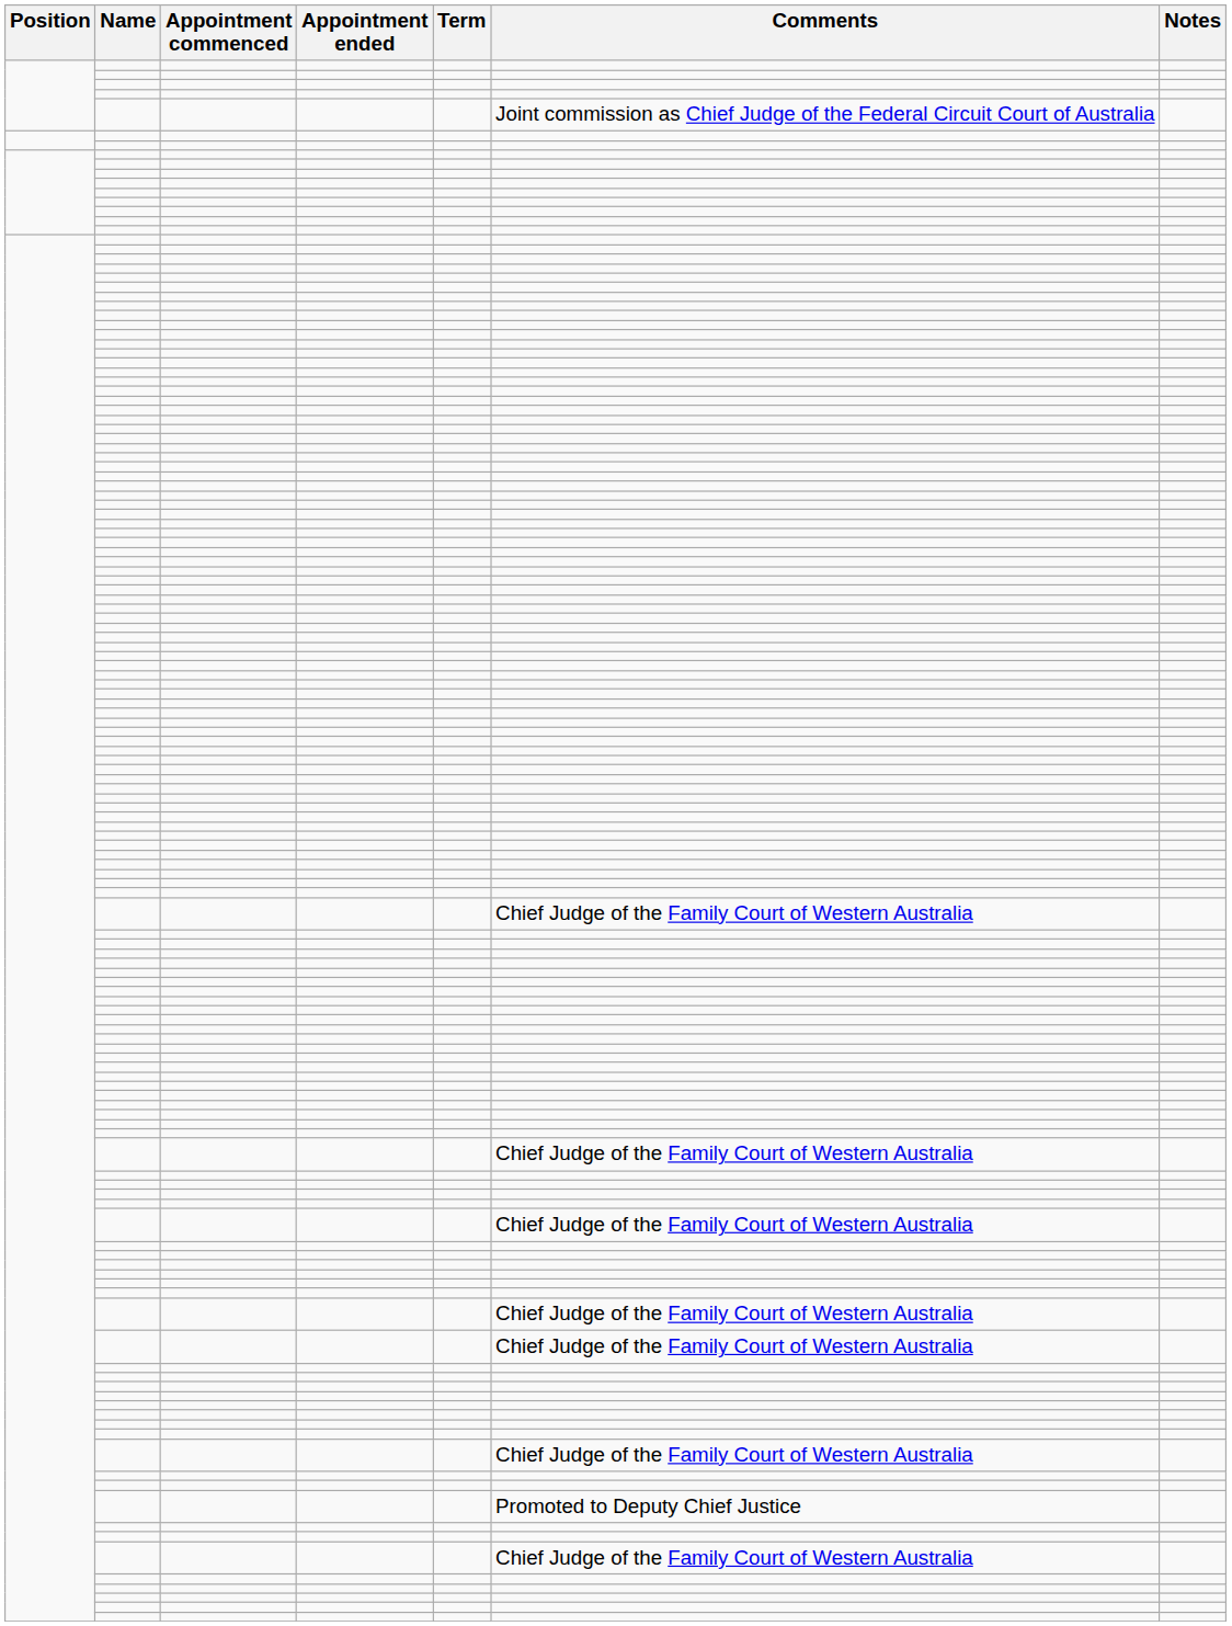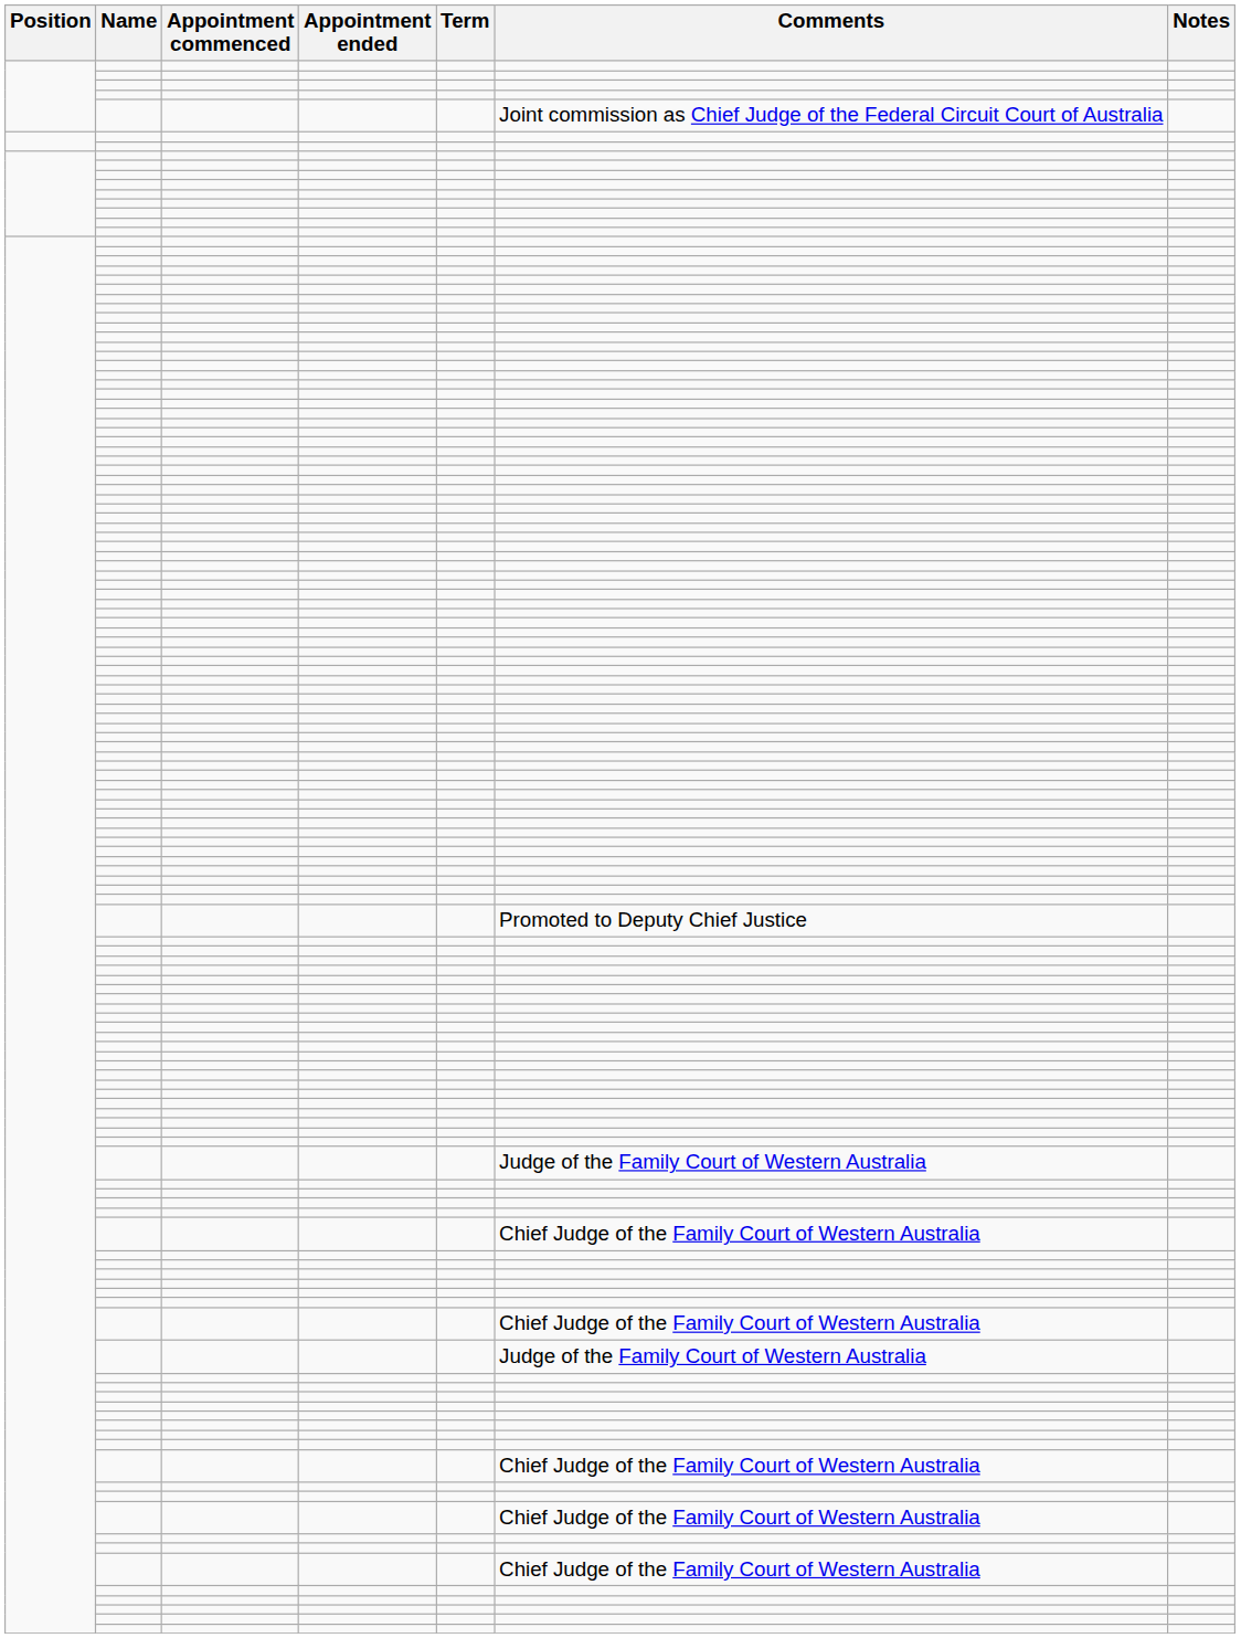 <table class="wikitable sortable" border="1">
 <tr valign="top">
 <th>Position<br></th>
 <th>Name</th>
 <th>Appointment<br>commenced</th>
 <th>Appointment<br>ended</th>
 <th>Term</th>
 <th>Comments</th>
 <th class="unsortable">Notes</th>
 </tr>
 <tr valign="top">
 <td rowspan="5"></td>
 <td></td>
 <td></td>
 <td></td>
 <td align=right></td>
 <td></td>
 <td></td>
 </tr>
 <tr valign="top">
 <td></td>
 <td></td>
 <td></td>
 <td align=right></td>
 <td></td>
 <td></td>
 </tr>
 <tr valign="top">
 <td></td>
 <td></td>
 <td></td>
 <td align=right></td>
 <td></td>
 <td></td>
 </tr>
 <tr valign="top">
 <td></td>
 <td></td>
 <td></td>
 <td align=right></td>
 <td></td>
 <td></td>
 </tr>
 <tr valign="top">
 <td></td>
 <td></td>
 <td></td>
 <td align=right></td>
 <td>Joint commission as <a href='#'>Chief Judge of the Federal Circuit Court of Australia</a></td>
 <td></td>
 </tr>
 <tr valign="top">
 <td rowspan="2"></td>
 <td></td>
 <td></td>
 <td></td>
 <td align=right></td>
 <td></td>
 <td></td>
 </tr>
 <tr valign="top">
 <td></td>
 <td></td>
 <td></td>
 <td align=right></td>
 <td></td>
 <td></td>
 </tr>
 <tr valign="top">
 <td rowspan="9"></td>
 <td></td>
 <td></td>
 <td></td>
 <td align=right></td>
 <td></td>
 <td></td>
 </tr>
 <tr valign="top">
 <td></td>
 <td></td>
 <td></td>
 <td align=right></td>
 <td></td>
 <td></td>
 </tr>
 <tr valign="top">
 <td></td>
 <td></td>
 <td></td>
 <td align=right></td>
 <td></td>
 <td></td>
 </tr>
 <tr valign="top">
 <td></td>
 <td></td>
 <td></td>
 <td align=right></td>
 <td></td>
 <td></td>
 </tr>
 <tr valign="top">
 <td></td>
 <td></td>
 <td></td>
 <td align=right></td>
 <td></td>
 <td></td>
 </tr>
 <tr valign="top">
 <td></td>
 <td></td>
 <td></td>
 <td align=right></td>
 <td></td>
 <td></td>
 </tr>
 <tr valign="top">
 <td></td>
 <td></td>
 <td></td>
 <td align=right></td>
 <td></td>
 <td></td>
 </tr>
 <tr valign="top">
 <td></td>
 <td></td>
 <td></td>
 <td align=right></td>
 <td></td>
 <td></td>
 </tr>
 <tr valign="top">
 <td></td>
 <td></td>
 <td></td>
 <td align=right></td>
 <td></td>
 <td></td>
 </tr>
 <tr valign="top">
 <td rowspan="128"></td>
 <td></td>
 <td></td>
 <td></td>
 <td align=right></td>
 <td></td>
 <td></td>
 </tr>
 <tr valign="top">
 <td></td>
 <td></td>
 <td></td>
 <td align=right></td>
 <td></td>
 <td></td>
 </tr>
 <tr valign="top">
 <td></td>
 <td></td>
 <td></td>
 <td align=right></td>
 <td></td>
 <td></td>
 </tr>
 <tr valign="top">
 <td></td>
 <td></td>
 <td></td>
 <td align=right></td>
 <td></td>
 <td></td>
 </tr>
 <tr valign="top">
 <td></td>
 <td></td>
 <td></td>
 <td align=right></td>
 <td></td>
 <td></td>
 </tr>
 <tr valign="top">
 <td></td>
 <td></td>
 <td></td>
 <td align=right></td>
 <td></td>
 <td></td>
 </tr>
 <tr valign="top">
 <td></td>
 <td></td>
 <td></td>
 <td align=right></td>
 <td></td>
 <td></td>
 </tr>
 <tr valign="top">
 <td></td>
 <td></td>
 <td></td>
 <td align=right></td>
 <td></td>
 <td></td>
 </tr>
 <tr valign="top">
 <td></td>
 <td></td>
 <td></td>
 <td align=right></td>
 <td></td>
 <td></td>
 </tr>
 <tr valign="top">
 <td></td>
 <td></td>
 <td></td>
 <td align=right></td>
 <td></td>
 <td></td>
 </tr>
 <tr valign="top">
 <td></td>
 <td></td>
 <td></td>
 <td align=right></td>
 <td></td>
 <td></td>
 </tr>
 <tr valign="top">
 <td></td>
 <td></td>
 <td></td>
 <td align=right></td>
 <td></td>
 <td></td>
 </tr>
 <tr valign="top">
 <td></td>
 <td></td>
 <td></td>
 <td align=right></td>
 <td></td>
 <td></td>
 </tr>
 <tr valign="top">
 <td></td>
 <td></td>
 <td></td>
 <td align=right></td>
 <td></td>
 <td></td>
 </tr>
 <tr valign="top">
 <td></td>
 <td></td>
 <td></td>
 <td align=right></td>
 <td></td>
 <td></td>
 </tr>
 <tr valign="top">
 <td></td>
 <td></td>
 <td></td>
 <td align=right></td>
 <td></td>
 <td></td>
 </tr>
 <tr valign="top">
 <td></td>
 <td></td>
 <td></td>
 <td align=right></td>
 <td></td>
 <td></td>
 </tr>
 <tr valign="top">
 <td></td>
 <td></td>
 <td></td>
 <td align=right></td>
 <td></td>
 <td></td>
 </tr>
 <tr valign="top">
 <td></td>
 <td></td>
 <td></td>
 <td align=right></td>
 <td></td>
 <td></td>
 </tr>
 <tr valign="top">
 <td></td>
 <td></td>
 <td></td>
 <td align=right></td>
 <td></td>
 <td></td>
 </tr>
 <tr valign="top">
 <td></td>
 <td></td>
 <td></td>
 <td align=right></td>
 <td></td>
 <td></td>
 </tr>
 <tr valign="top">
 <td></td>
 <td></td>
 <td></td>
 <td align=right></td>
 <td></td>
 <td></td>
 </tr>
 <tr valign="top">
 <td></td>
 <td></td>
 <td></td>
 <td align=right></td>
 <td></td>
 <td></td>
 </tr>
 <tr valign="top">
 <td></td>
 <td></td>
 <td></td>
 <td align=right></td>
 <td></td>
 <td></td>
 </tr>
 <tr valign="top">
 <td></td>
 <td></td>
 <td></td>
 <td align=right></td>
 <td></td>
 <td></td>
 </tr>
 <tr valign="top">
 <td></td>
 <td></td>
 <td></td>
 <td align=right></td>
 <td></td>
 <td></td>
 </tr>
 <tr valign="top">
 <td></td>
 <td></td>
 <td></td>
 <td align=right></td>
 <td></td>
 <td></td>
 </tr>
 <tr valign="top">
 <td></td>
 <td></td>
 <td></td>
 <td align=right></td>
 <td></td>
 <td></td>
 </tr>
 <tr valign="top">
 <td></td>
 <td></td>
 <td></td>
 <td align=right></td>
 <td></td>
 <td></td>
 </tr>
 <tr valign="top">
 <td></td>
 <td></td>
 <td></td>
 <td align=right></td>
 <td></td>
 <td></td>
 </tr>
 <tr valign="top">
 <td></td>
 <td></td>
 <td></td>
 <td align=right></td>
 <td></td>
 <td></td>
 </tr>
 <tr valign="top">
 <td></td>
 <td></td>
 <td></td>
 <td align=right></td>
 <td></td>
 <td></td>
 </tr>
 <tr valign="top">
 <td></td>
 <td></td>
 <td></td>
 <td align=right></td>
 <td></td>
 <td></td>
 </tr>
 <tr valign="top">
 <td></td>
 <td></td>
 <td></td>
 <td align=right></td>
 <td></td>
 <td></td>
 </tr>
 <tr valign="top">
 <td></td>
 <td></td>
 <td></td>
 <td align=right></td>
 <td></td>
 <td></td>
 </tr>
 <tr valign="top">
 <td></td>
 <td></td>
 <td></td>
 <td align=right></td>
 <td></td>
 <td></td>
 </tr>
 <tr valign="top">
 <td></td>
 <td></td>
 <td></td>
 <td align=right></td>
 <td></td>
 <td></td>
 </tr>
 <tr valign="top">
 <td></td>
 <td></td>
 <td></td>
 <td align=right></td>
 <td></td>
 <td></td>
 </tr>
 <tr valign="top">
 <td></td>
 <td></td>
 <td></td>
 <td align=right></td>
 <td></td>
 <td></td>
 </tr>
 <tr valign="top">
 <td></td>
 <td></td>
 <td></td>
 <td align=right></td>
 <td></td>
 <td></td>
 </tr>
 <tr valign="top">
 <td></td>
 <td></td>
 <td></td>
 <td align=right></td>
 <td></td>
 <td></td>
 </tr>
 <tr valign="top">
 <td></td>
 <td></td>
 <td></td>
 <td align=right></td>
 <td></td>
 <td></td>
 </tr>
 <tr valign="top">
 <td></td>
 <td></td>
 <td></td>
 <td align=right></td>
 <td></td>
 <td></td>
 </tr>
 <tr valign="top">
 <td></td>
 <td></td>
 <td></td>
 <td align=right></td>
 <td></td>
 <td></td>
 </tr>
 <tr valign="top">
 <td></td>
 <td></td>
 <td></td>
 <td align=right></td>
 <td></td>
 <td></td>
 </tr>
 <tr valign="top">
 <td></td>
 <td></td>
 <td></td>
 <td align=right></td>
 <td></td>
 <td></td>
 </tr>
 <tr valign="top">
 <td></td>
 <td></td>
 <td></td>
 <td align=right></td>
 <td></td>
 <td></td>
 </tr>
 <tr valign="top">
 <td></td>
 <td></td>
 <td></td>
 <td align=right></td>
 <td></td>
 <td></td>
 </tr>
 <tr valign="top">
 <td></td>
 <td></td>
 <td></td>
 <td align=right></td>
 <td></td>
 <td></td>
 </tr>
 <tr valign="top">
 <td></td>
 <td></td>
 <td></td>
 <td align=right></td>
 <td></td>
 <td></td>
 </tr>
 <tr valign="top">
 <td></td>
 <td></td>
 <td></td>
 <td align=right></td>
 <td></td>
 <td></td>
 </tr>
 <tr valign="top">
 <td></td>
 <td></td>
 <td></td>
 <td align=right></td>
 <td></td>
 <td></td>
 </tr>
 <tr valign="top">
 <td></td>
 <td></td>
 <td></td>
 <td align=right></td>
 <td></td>
 <td></td>
 </tr>
 <tr valign="top">
 <td></td>
 <td></td>
 <td></td>
 <td align=right></td>
 <td></td>
 <td></td>
 </tr>
 <tr valign="top">
 <td></td>
 <td></td>
 <td></td>
 <td align=right></td>
 <td></td>
 <td></td>
 </tr>
 <tr valign="top">
 <td></td>
 <td></td>
 <td></td>
 <td align=right></td>
 <td></td>
 <td></td>
 </tr>
 <tr valign="top">
 <td></td>
 <td></td>
 <td></td>
 <td align=right></td>
 <td></td>
 <td></td>
 </tr>
 <tr valign="top">
 <td></td>
 <td></td>
 <td></td>
 <td align=right></td>
 <td></td>
 <td></td>
 </tr>
 <tr valign="top">
 <td></td>
 <td></td>
 <td></td>
 <td align=right></td>
 <td></td>
 <td></td>
 </tr>
 <tr valign="top">
 <td></td>
 <td></td>
 <td></td>
 <td align=right></td>
 <td></td>
 <td></td>
 </tr>
 <tr valign="top">
 <td></td>
 <td></td>
 <td></td>
 <td align=right></td>
 <td></td>
 <td></td>
 </tr>
 <tr valign="top">
 <td></td>
 <td></td>
 <td></td>
 <td align=right></td>
 <td></td>
 <td></td>
 </tr>
 <tr valign="top">
 <td></td>
 <td></td>
 <td></td>
 <td align=right></td>
 <td></td>
 <td></td>
 </tr>
 <tr valign="top">
 <td></td>
 <td></td>
 <td></td>
 <td align=right></td>
 <td></td>
 <td></td>
 </tr>
 <tr valign="top">
 <td></td>
 <td></td>
 <td></td>
 <td align=right></td>
 <td></td>
 <td></td>
 </tr>
 <tr valign="top">
 <td></td>
 <td></td>
 <td></td>
 <td align=right></td>
 <td></td>
 <td></td>
 </tr>
 <tr valign="top">
 <td></td>
 <td></td>
 <td></td>
 <td align=right></td>
 <td></td>
 <td></td>
 </tr>
 <tr valign="top">
 <td></td>
 <td></td>
 <td></td>
 <td align=right></td>
 <td></td>
 <td></td>
 </tr>
 <tr valign="top">
 <td></td>
 <td></td>
 <td></td>
 <td align=right></td>
 <td></td>
 <td></td>
 </tr>
 <tr valign="top">
 <td></td>
 <td></td>
 <td></td>
 <td align=right></td>
 <td></td>
 <td></td>
 </tr>
 <tr valign="top">
 <td></td>
 <td></td>
 <td></td>
 <td align=right></td>
-<td>Chief Judge of the <a href='#'>Family Court of Western Australia</a></td>
+<td>Promoted to Deputy Chief Justice</td>
 <td></td>
 </tr>
 <tr valign="top">
 <td></td>
 <td></td>
 <td></td>
 <td align=right></td>
 <td></td>
 <td></td>
 </tr>
 <tr valign="top">
 <td></td>
 <td></td>
 <td></td>
 <td align=right></td>
 <td></td>
 <td></td>
 </tr>
 <tr valign="top">
 <td></td>
 <td></td>
 <td></td>
 <td align=right></td>
 <td></td>
 <td></td>
 </tr>
 <tr valign="top">
 <td></td>
 <td></td>
 <td></td>
 <td align=right></td>
 <td></td>
 <td></td>
 </tr>
 <tr valign="top">
 <td></td>
 <td></td>
 <td></td>
 <td align=right></td>
 <td></td>
 <td></td>
 </tr>
 <tr valign="top">
 <td></td>
 <td></td>
 <td></td>
 <td align=right></td>
 <td></td>
 <td></td>
 </tr>
 <tr valign="top">
 <td></td>
 <td></td>
 <td></td>
 <td align=right></td>
 <td></td>
 <td></td>
 </tr>
 <tr valign="top">
 <td></td>
 <td></td>
 <td></td>
 <td align=right></td>
 <td></td>
 <td></td>
 </tr>
 <tr valign="top">
 <td></td>
 <td></td>
 <td></td>
 <td align=right></td>
 <td></td>
 <td></td>
 </tr>
 <tr valign="top">
 <td></td>
 <td></td>
 <td></td>
 <td align=right></td>
 <td></td>
 <td></td>
 </tr>
 <tr valign="top">
 <td></td>
 <td></td>
 <td></td>
 <td align=right></td>
 <td></td>
 <td></td>
 </tr>
 <tr valign="top">
 <td></td>
 <td></td>
 <td></td>
 <td align=right></td>
 <td></td>
 <td></td>
 </tr>
 <tr valign="top">
 <td></td>
 <td></td>
 <td></td>
 <td align=right></td>
 <td></td>
 <td></td>
 </tr>
 <tr valign="top">
 <td></td>
 <td></td>
 <td></td>
 <td align=right></td>
 <td></td>
 <td></td>
 </tr>
 <tr valign="top">
 <td></td>
 <td></td>
 <td></td>
 <td align=right></td>
 <td></td>
 <td></td>
 </tr>
 <tr valign="top">
 <td></td>
 <td></td>
 <td></td>
 <td align=right></td>
 <td></td>
 <td></td>
 </tr>
 <tr valign="top">
 <td></td>
 <td></td>
 <td></td>
 <td align=right></td>
 <td></td>
 <td></td>
 </tr>
 <tr valign="top">
 <td></td>
 <td></td>
 <td></td>
 <td align=right></td>
 <td></td>
 <td></td>
 </tr>
 <tr valign="top">
 <td></td>
 <td></td>
 <td></td>
 <td align=right></td>
 <td></td>
 <td></td>
 </tr>
 <tr valign="top">
 <td></td>
 <td></td>
 <td></td>
 <td align=right></td>
 <td></td>
 <td></td>
 </tr>
 <tr valign="top">
 <td></td>
 <td></td>
 <td></td>
 <td align=right></td>
 <td></td>
 <td></td>
 </tr>
 <tr valign="top">
 <td></td>
 <td></td>
 <td></td>
 <td align=right></td>
 <td></td>
 <td></td>
 </tr>
 <tr valign="top">
 <td></td>
 <td></td>
 <td></td>
 <td align=right></td>
-<td>Chief Judge of the <a href='#'>Family Court of Western Australia</a></td>
+<td>Judge of the <a href='#'>Family Court of Western Australia</a></td>
 <td></td>
 </tr>
 <tr valign="top">
 <td></td>
 <td></td>
 <td></td>
 <td align=right></td>
 <td></td>
 <td></td>
 </tr>
 <tr valign="top">
 <td></td>
 <td></td>
 <td></td>
 <td align=right></td>
 <td></td>
 <td></td>
 </tr>
 <tr valign="top">
 <td></td>
 <td></td>
 <td></td>
 <td align=right></td>
 <td></td>
 <td></td>
 </tr>
 <tr valign="top">
 <td></td>
 <td></td>
 <td></td>
 <td align=right></td>
 <td></td>
 <td></td>
 </tr>
 <tr valign="top">
 <td></td>
 <td></td>
 <td></td>
 <td align=right></td>
 <td>Chief Judge of the <a href='#'>Family Court of Western Australia</a></td>
 <td></td>
 </tr>
 <tr valign="top">
 <td></td>
 <td></td>
 <td></td>
 <td align=right></td>
 <td></td>
 <td></td>
 </tr>
 <tr valign="top">
 <td></td>
 <td></td>
 <td></td>
 <td align=right></td>
 <td></td>
 <td></td>
 </tr>
 <tr valign="top">
 <td></td>
 <td></td>
 <td></td>
 <td align=right></td>
 <td></td>
 <td></td>
 </tr>
 <tr valign="top">
 <td></td>
 <td></td>
 <td></td>
 <td align=right></td>
 <td></td>
 <td></td>
 </tr>
 <tr valign="top">
 <td></td>
 <td></td>
 <td></td>
 <td align=right></td>
 <td></td>
 <td></td>
 </tr>
 <tr valign="top">
 <td></td>
 <td></td>
 <td></td>
 <td align=right></td>
 <td></td>
 <td></td>
 </tr>
 <tr valign="top">
 <td></td>
 <td></td>
 <td></td>
 <td align=right></td>
 <td>Chief Judge of the <a href='#'>Family Court of Western Australia</a></td>
 <td></td>
 </tr>
 <tr valign="top">
 <td></td>
 <td></td>
 <td></td>
 <td align=right></td>
-<td>Chief Judge of the <a href='#'>Family Court of Western Australia</a></td>
+<td>Judge of the <a href='#'>Family Court of Western Australia</a></td>
 <td></td>
 </tr>
 <tr valign="top">
 <td></td>
 <td></td>
 <td></td>
 <td align=right></td>
 <td></td>
 <td></td>
 </tr>
 <tr valign="top">
 <td></td>
 <td></td>
 <td></td>
 <td align=right></td>
 <td></td>
 <td></td>
 </tr>
 <tr valign="top">
 <td></td>
 <td></td>
 <td></td>
 <td align=right></td>
 <td></td>
 <td></td>
 </tr>
 <tr valign="top">
 <td></td>
 <td></td>
 <td></td>
 <td align=right></td>
 <td></td>
 <td></td>
 </tr>
 <tr valign="top">
 <td></td>
 <td></td>
 <td></td>
 <td align=right></td>
 <td></td>
 <td></td>
 </tr>
 <tr valign="top">
 <td></td>
 <td></td>
 <td></td>
 <td align=right></td>
 <td></td>
 <td></td>
 </tr>
 <tr valign="top">
 <td></td>
 <td></td>
 <td></td>
 <td align=right></td>
 <td></td>
 <td></td>
 </tr>
 <tr valign="top">
 <td></td>
 <td></td>
 <td></td>
 <td align=right></td>
 <td></td>
 <td></td>
 </tr>
 <tr valign="top">
 <td></td>
 <td></td>
 <td></td>
 <td align=right></td>
 <td>Chief Judge of the <a href='#'>Family Court of Western Australia</a></td>
 <td></td>
 </tr>
 <tr valign="top">
 <td></td>
 <td></td>
 <td></td>
 <td align=right></td>
 <td></td>
 <td></td>
 </tr>
 <tr valign="top">
 <td></td>
 <td></td>
 <td></td>
 <td align=right></td>
 <td></td>
 <td></td>
 </tr>
 <tr valign="top">
 <td></td>
 <td></td>
 <td></td>
 <td align=right></td>
-<td>Promoted to Deputy Chief Justice</td>
+<td>Chief Judge of the <a href='#'>Family Court of Western Australia</a></td>
 <td></td>
 </tr>
 <tr valign="top">
 <td></td>
 <td></td>
 <td></td>
 <td align=right></td>
 <td></td>
 <td></td>
 </tr>
 <tr valign="top">
 <td></td>
 <td></td>
 <td></td>
 <td align=right></td>
 <td></td>
 <td></td>
 </tr>
 <tr valign="top">
 <td></td>
 <td></td>
 <td></td>
 <td align=right></td>
 <td>Chief Judge of the <a href='#'>Family Court of Western Australia</a></td>
 <td></td>
 </tr>
 <tr valign="top">
 <td></td>
 <td></td>
 <td></td>
 <td align=right></td>
 <td></td>
 <td></td>
 </tr>
 <tr valign="top">
 <td></td>
 <td></td>
 <td></td>
 <td align=right></td>
 <td></td>
 <td></td>
 </tr>
 <tr valign="top">
 <td></td>
 <td></td>
 <td></td>
 <td align=right></td>
 <td></td>
 <td></td>
 </tr>
 <tr valign="top">
 <td></td>
 <td></td>
 <td></td>
 <td align=right></td>
 <td></td>
 <td></td>
 </tr>
 <tr valign="top">
 <td></td>
 <td></td>
 <td></td>
 <td align=right></td>
 <td></td>
 <td></td>
 </tr>
 </table>
